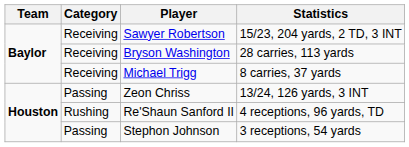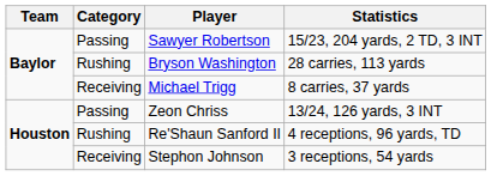 <table class="wikitable" style="float: right;">
 <tr>
 <th>Team</th>
 <th>Category</th>
 <th>Player</th>
 <th>Statistics</th>
 </tr>
 <tr>
 <td rowspan=3><strong>Baylor</strong></td>
-<td>Receiving</td>
+<td>Passing</td>
 <td><a href='#'>Sawyer Robertson</a></td>
 <td>15/23, 204 yards, 2 TD, 3 INT</td>
 </tr>
 <tr>
-<td>Receiving</td>
+<td>Rushing</td>
 <td><a href='#'>Bryson Washington</a></td>
 <td>28 carries, 113 yards</td>
 </tr>
 <tr>
 <td>Receiving</td>
 <td><a href='#'>Michael Trigg</a></td>
 <td>8 carries, 37 yards</td>
 </tr>
 <tr>
 <td rowspan=3><strong>Houston</strong></td>
 <td>Passing</td>
 <td>Zeon Chriss</td>
 <td>13/24, 126 yards, 3 INT</td>
 </tr>
 <tr>
 <td>Rushing</td>
 <td>Re'Shaun Sanford II</td>
 <td>4 receptions, 96 yards, TD</td>
 </tr>
 <tr>
-<td>Passing</td>
+<td>Receiving</td>
 <td>Stephon Johnson</td>
 <td>3 receptions, 54 yards</td>
 </tr>
 </table>
